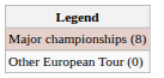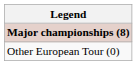 <table class="wikitable" style="font-size:95%;">
 <tr>
 <th>Legend</th>
 </tr>
 <tr style="background:#e5d1cb;">
-<td>Major championships (8)</td>
+<td><strong>Major championships (8)</strong></td>
 </tr>
 <tr>
 <td>Other European Tour (0)</td>
 </tr>
 </table>
